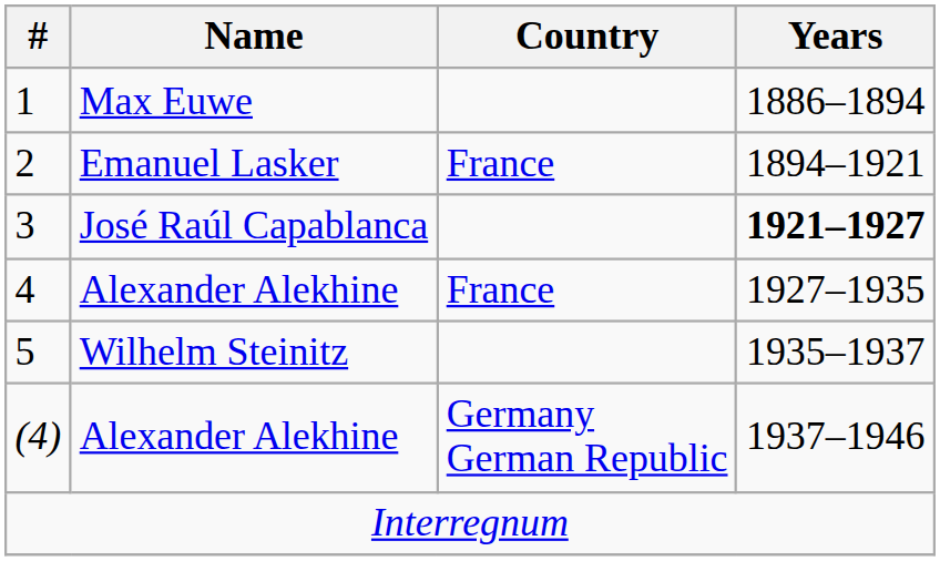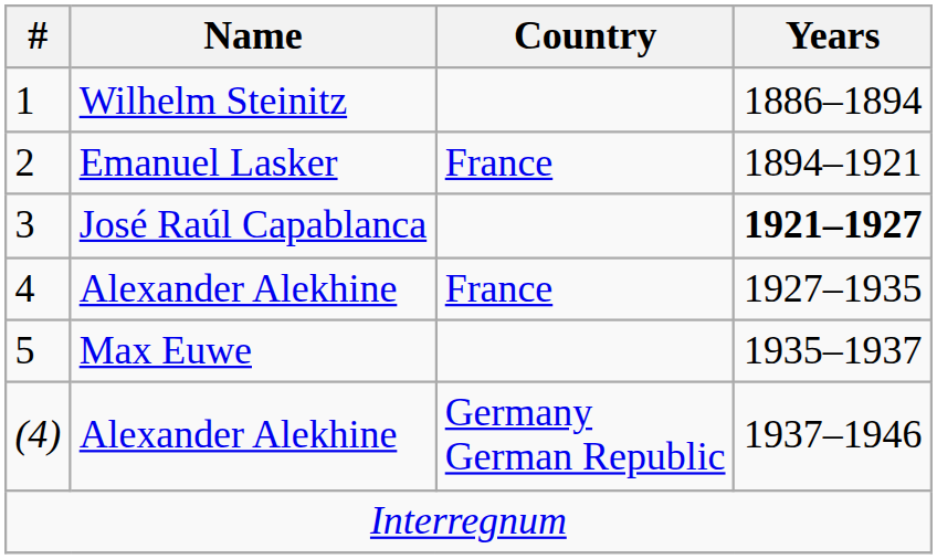 <table class="wikitable">
 <tr>
 <th>#</th>
 <th>Name</th>
 <th>Country</th>
 <th>Years</th>
 </tr>
 <tr>
 <td>1</td>
-<td><a href='#'>Max Euwe</a></td>
+<td><a href='#'>Wilhelm Steinitz</a></td>
 <td><br></td>
 <td>1886–1894</td>
 </tr>
 <tr>
 <td>2</td>
 <td><a href='#'>Emanuel Lasker</a></td>
 <td> <a href='#'>France</a></td>
 <td>1894–1921</td>
 </tr>
 <tr>
 <td>3</td>
 <td><a href='#'>José Raúl Capablanca</a></td>
 <td></td>
 <td><strong>1921–1927</strong></td>
 </tr>
 <tr>
 <td>4</td>
 <td><a href='#'>Alexander Alekhine</a></td>
 <td> <a href='#'>France</a></td>
 <td>1927–1935</td>
 </tr>
 <tr>
 <td>5</td>
-<td><a href='#'>Wilhelm Steinitz</a></td>
+<td><a href='#'>Max Euwe</a></td>
 <td></td>
 <td>1935–1937</td>
 </tr>
 <tr>
 <td><em>(4)</em></td>
 <td><a href='#'>Alexander Alekhine</a></td>
 <td> <a href='#'>Germany</a><br> <a href='#'>German Republic</a></td>
 <td>1937–1946</td>
 </tr>
 <tr>
 <td colspan=5 align=center><em><a href='#'>Interregnum</a></em></td>
 </tr>
 <tr>
 </tr>
 </table>
